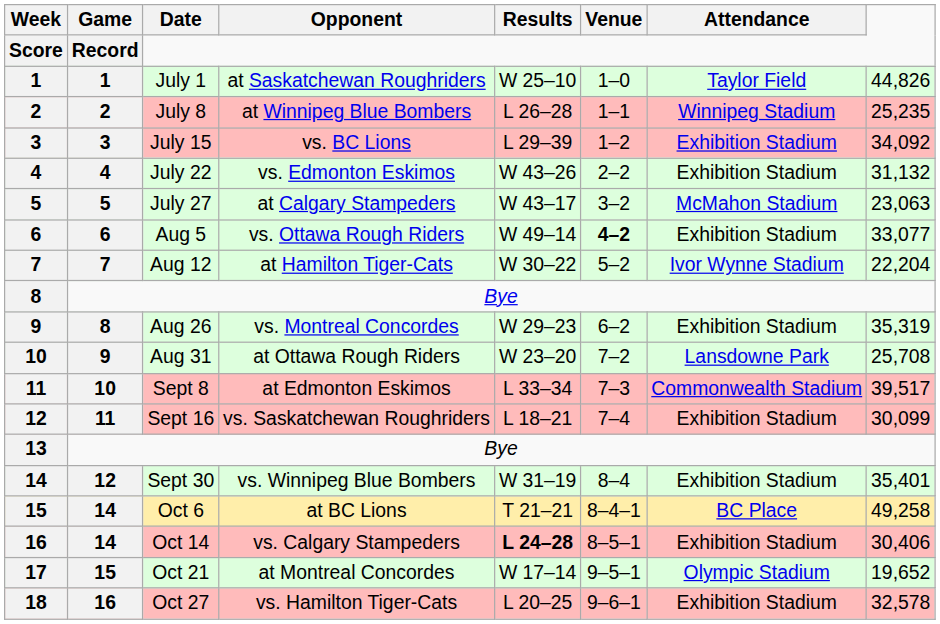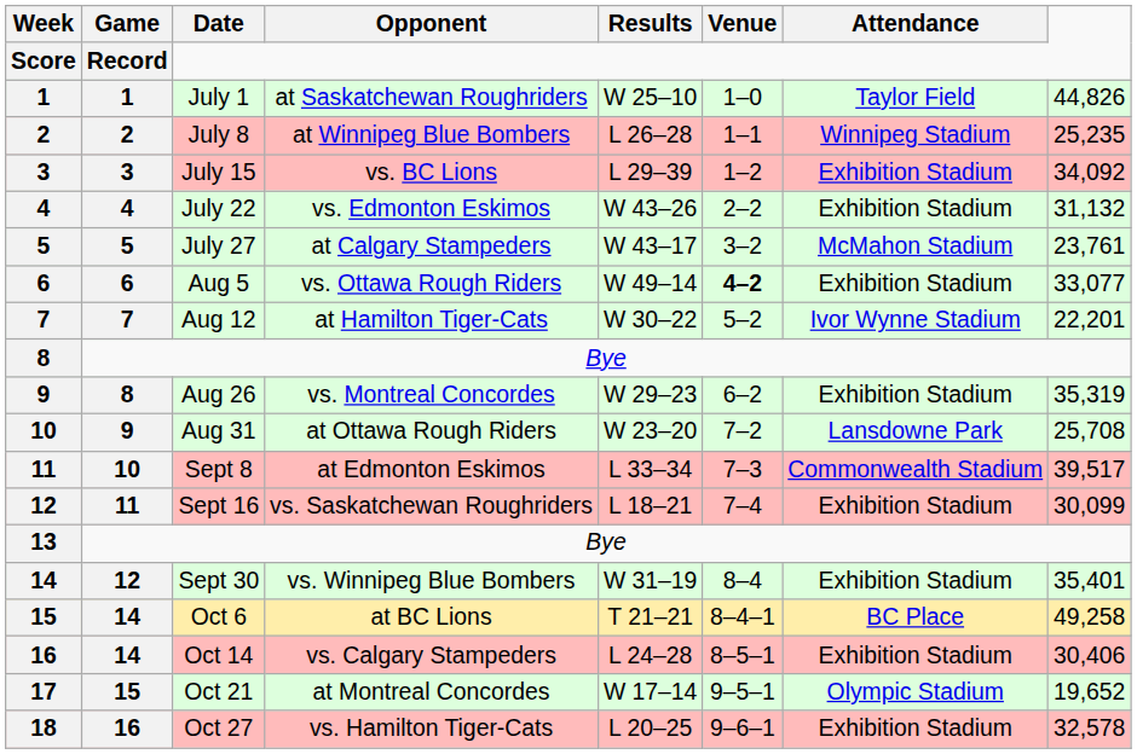 <table class="wikitable" style="text-align:center">
 <tr>
 <th>Week</th>
 <th>Game</th>
 <th>Date</th>
 <th>Opponent</th>
 <th>Results</th>
 <th>Venue</th>
 <th>Attendance</th>
 </tr>
 <tr>
 <th>Score</th>
 <th>Record</th>
 </tr>
 <tr style="background:#ddffdd">
 <th>1</th>
 <th>1</th>
 <td>July 1</td>
 <td>at <a href='#'>Saskatchewan Roughriders</a></td>
 <td>W 25–10</td>
 <td>1–0</td>
 <td><a href='#'>Taylor Field</a></td>
 <td>44,826</td>
 </tr>
 <tr style="background:#ffbbbb">
 <th>2</th>
 <th>2</th>
 <td>July 8</td>
 <td>at <a href='#'>Winnipeg Blue Bombers</a></td>
 <td>L 26–28</td>
 <td>1–1</td>
 <td><a href='#'>Winnipeg Stadium</a></td>
 <td>25,235</td>
 </tr>
 <tr style="background:#ffbbbb">
 <th>3</th>
 <th>3</th>
 <td>July 15</td>
 <td>vs. <a href='#'>BC Lions</a></td>
 <td>L 29–39</td>
 <td>1–2</td>
 <td><a href='#'>Exhibition Stadium</a></td>
 <td>34,092</td>
 </tr>
 <tr style="background:#ddffdd">
 <th>4</th>
 <th>4</th>
 <td>July 22</td>
 <td>vs. <a href='#'>Edmonton Eskimos</a></td>
 <td>W 43–26</td>
 <td>2–2</td>
 <td>Exhibition Stadium</td>
 <td>31,132</td>
 </tr>
 <tr style="background:#ddffdd">
 <th>5</th>
 <th>5</th>
 <td>July 27</td>
 <td>at <a href='#'>Calgary Stampeders</a></td>
 <td>W 43–17</td>
 <td>3–2</td>
 <td><a href='#'>McMahon Stadium</a></td>
-<td>23,063</td>
+<td>23,761</td>
 </tr>
 <tr style="background:#ddffdd">
 <th>6</th>
 <th>6</th>
 <td>Aug 5</td>
 <td>vs. <a href='#'>Ottawa Rough Riders</a></td>
 <td>W 49–14</td>
 <td><strong>4–2</strong></td>
 <td>Exhibition Stadium</td>
 <td>33,077</td>
 </tr>
 <tr style="background:#ddffdd">
 <th>7</th>
 <th>7</th>
 <td>Aug 12</td>
 <td>at <a href='#'>Hamilton Tiger-Cats</a></td>
 <td>W 30–22</td>
 <td>5–2</td>
 <td><a href='#'>Ivor Wynne Stadium</a></td>
-<td>22,204</td>
+<td>22,201</td>
 </tr>
 <tr>
 <th>8</th>
 <td colspan=7><em><a href='#'>Bye</a></em></td>
 </tr>
 <tr style="background:#ddffdd">
 <th>9</th>
 <th>8</th>
 <td>Aug 26</td>
 <td>vs. <a href='#'>Montreal Concordes</a></td>
 <td>W 29–23</td>
 <td>6–2</td>
 <td>Exhibition Stadium</td>
 <td>35,319</td>
 </tr>
 <tr style="background:#ddffdd">
 <th>10</th>
 <th>9</th>
 <td>Aug 31</td>
 <td>at Ottawa Rough Riders</td>
 <td>W 23–20</td>
 <td>7–2</td>
 <td><a href='#'>Lansdowne Park</a></td>
 <td>25,708</td>
 </tr>
 <tr style="background:#ffbbbb">
 <th>11</th>
 <th>10</th>
 <td>Sept 8</td>
 <td>at Edmonton Eskimos</td>
 <td>L 33–34</td>
 <td>7–3</td>
 <td><a href='#'>Commonwealth Stadium</a></td>
 <td>39,517</td>
 </tr>
 <tr style="background:#ffbbbb">
 <th>12</th>
 <th>11</th>
 <td>Sept 16</td>
 <td>vs. Saskatchewan Roughriders</td>
 <td>L 18–21</td>
 <td>7–4</td>
 <td>Exhibition Stadium</td>
 <td>30,099</td>
 </tr>
 <tr>
 <th>13</th>
 <td colspan=7><em>Bye</em></td>
 </tr>
 <tr style="background:#ddffdd">
 <th>14</th>
 <th>12</th>
 <td>Sept 30</td>
 <td>vs. Winnipeg Blue Bombers</td>
 <td>W 31–19</td>
 <td>8–4</td>
 <td>Exhibition Stadium</td>
 <td>35,401</td>
 </tr>
 <tr style="background:#ffeeaa">
 <th>15</th>
 <th>14</th>
 <td>Oct 6</td>
 <td>at BC Lions</td>
 <td>T 21–21</td>
 <td>8–4–1</td>
 <td><a href='#'>BC Place</a></td>
 <td>49,258</td>
 </tr>
 <tr style="background:#ffbbbb">
 <th>16</th>
 <th>14</th>
 <td>Oct 14</td>
 <td>vs. Calgary Stampeders</td>
-<td><strong>L 24–28</strong></td>
+<td>L 24–28</td>
 <td>8–5–1</td>
 <td>Exhibition Stadium</td>
 <td>30,406</td>
 </tr>
 <tr style="background:#ddffdd">
 <th>17</th>
 <th>15</th>
 <td>Oct 21</td>
 <td>at Montreal Concordes</td>
 <td>W 17–14</td>
 <td>9–5–1</td>
 <td><a href='#'>Olympic Stadium</a></td>
 <td>19,652</td>
 </tr>
 <tr style="background:#ffbbbb">
 <th>18</th>
 <th>16</th>
 <td>Oct 27</td>
 <td>vs. Hamilton Tiger-Cats</td>
 <td>L 20–25</td>
 <td>9–6–1</td>
 <td>Exhibition Stadium</td>
 <td>32,578</td>
 </tr>
 </table>
